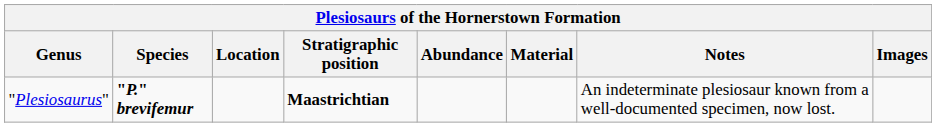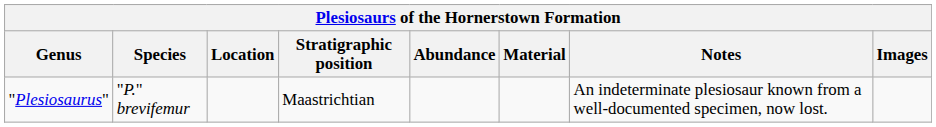 <table class="wikitable" align="center" width="100%">
 <tr>
 <th colspan="9" align="center"><strong><a href='#'>Plesiosaurs</a> of the Hornerstown Formation</strong></th>
 </tr>
 <tr>
 <th>Genus</th>
 <th>Species</th>
 <th>Location</th>
 <th>Stratigraphic position</th>
 <th>Abundance</th>
 <th>Material</th>
 <th>Notes</th>
 <th>Images</th>
 </tr>
 <tr>
 <td>"<em><a href='#'>Plesiosaurus</a></em>"</td>
-<td><strong>"<em>P.</em>" <em>brevifemur</em></strong></td>
+<td>"<em>P.</em>" <em>brevifemur</em></td>
 <td></td>
-<td><strong>Maastrichtian</strong></td>
+<td>Maastrichtian</td>
 <td></td>
 <td></td>
 <td>An indeterminate plesiosaur known from a well-documented specimen, now lost.</td>
 <td></td>
 </tr>
 </table>
